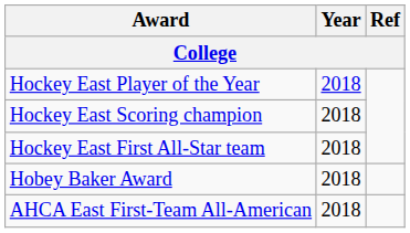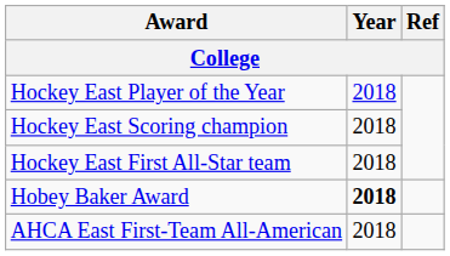 <table class="wikitable">
 <tr>
 <th>Award</th>
 <th>Year</th>
 <th>Ref</th>
 </tr>
 <tr>
 <th colspan="3"><a href='#'>College</a></th>
 </tr>
 <tr>
 <td><a href='#'>Hockey East Player of the Year</a></td>
 <td><a href='#'>2018</a></td>
 <td rowspan="3"></td>
 </tr>
 <tr>
 <td><a href='#'>Hockey East Scoring champion</a></td>
 <td>2018</td>
 </tr>
 <tr>
 <td><a href='#'>Hockey East First All-Star team</a></td>
 <td>2018</td>
 </tr>
 <tr>
 <td><a href='#'>Hobey Baker Award</a></td>
-<td>2018</td>
+<td><strong>2018</strong></td>
 <td></td>
 </tr>
 <tr>
 <td><a href='#'>AHCA East First-Team All-American</a></td>
 <td>2018</td>
 <td></td>
 </tr>
 </table>
